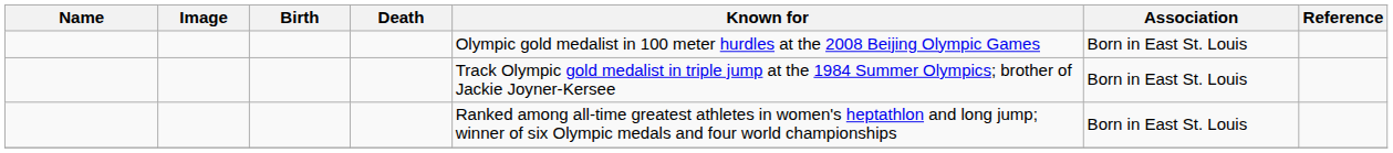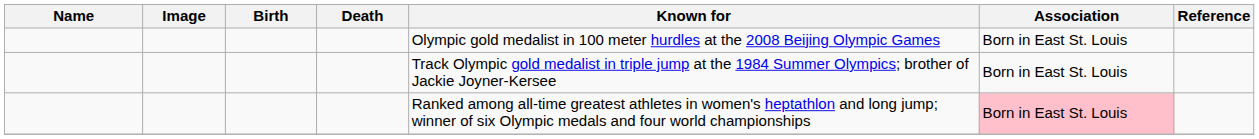 <table class="wikitable sortable">
 <tr>
 <th scope="col" width="140">Name</th>
 <th scope="col" width="80" class="unsortable">Image</th>
 <th scope="col" width="90">Birth</th>
 <th scope="col" width="90">Death</th>
 <th scope="col" width="600" class="unsortable">Known for</th>
 <th scope="col" width="200" class="unsortable">Association</th>
 <th scope="col" width="30" class="unsortable">Reference</th>
 </tr>
 <tr>
 <td></td>
 <td></td>
 <td align=right></td>
 <td align=right></td>
 <td>Olympic gold medalist in 100 meter <a href='#'>hurdles</a> at the <a href='#'>2008 Beijing Olympic Games</a></td>
 <td>Born in East St. Louis</td>
 <td align="center"></td>
 </tr>
 <tr>
 <td></td>
 <td></td>
 <td align=right></td>
 <td align=right></td>
 <td>Track Olympic <a href='#'>gold medalist in triple jump</a> at the <a href='#'>1984 Summer Olympics</a>; brother of Jackie Joyner-Kersee</td>
 <td>Born in East St. Louis</td>
 <td align="center"></td>
 </tr>
 <tr>
 <td></td>
 <td></td>
 <td align=right></td>
 <td align=right></td>
 <td>Ranked among all-time greatest athletes in women's <a href='#'>heptathlon</a> and long jump; winner of six Olympic medals and four world championships</td>
-<td>Born in East St. Louis</td>
+<td style="background: pink;">Born in East St. Louis</td>
 <td align="center"></td>
 </tr>
 <tr>
 </tr>
 </table>
